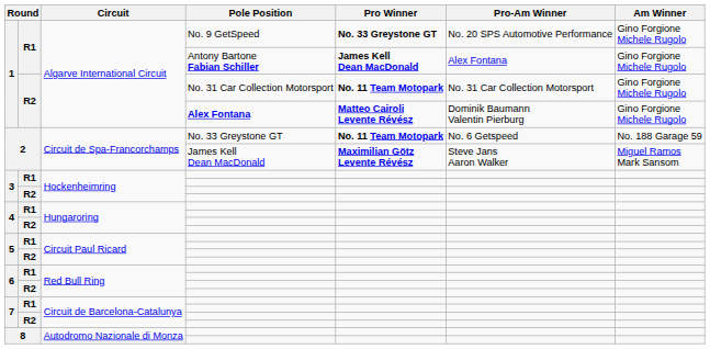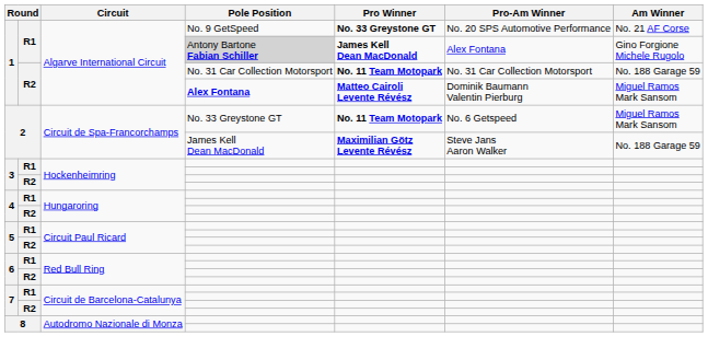 <table class="wikitable" style="font-size: 85%;">
 <tr>
 <th colspan="2">Round</th>
 <th>Circuit</th>
 <th>Pole Position</th>
 <th>Pro Winner</th>
 <th>Pro-Am Winner</th>
 <th>Am Winner</th>
 </tr>
 <tr>
 <th rowspan="4">1</th>
 <th rowspan="2">R1</th>
 <td rowspan="4"> <a href='#'>Algarve International Circuit</a></td>
 <td> No. 9 GetSpeed</td>
 <td><strong> No. 33 Greystone GT</strong></td>
 <td> No. 20 SPS Automotive Performance</td>
-<td> Gino Forgione<br> <a href='#'>Michele Rugolo</a></td>
+<td> No. 21 <a href='#'>AF Corse</a></td>
 </tr>
 <tr>
-<td> Antony Bartone<br><strong> <a href='#'>Fabian Schiller</a></strong></td>
+<td style="background: lightgrey;"> Antony Bartone<br><strong> <a href='#'>Fabian Schiller</a></strong></td>
 <td><strong> James Kell<br> <a href='#'>Dean MacDonald</a></strong></td>
 <td> <a href='#'>Alex Fontana</a><br> </td>
 <td> Gino Forgione<br> <a href='#'>Michele Rugolo</a></td>
 </tr>
 <tr>
 <th rowspan="2">R2</th>
 <td> No. 31 Car Collection Motorsport</td>
 <td><strong> No. 11 <a href='#'>Team Motopark</a></strong></td>
 <td> No. 31 Car Collection Motorsport</td>
-<td> Gino Forgione<br> <a href='#'>Michele Rugolo</a></td>
+<td> No. 188 Garage 59</td>
 </tr>
 <tr>
 <td> <strong><a href='#'>Alex Fontana</a></strong><br> </td>
 <td><strong> <a href='#'>Matteo Cairoli</a><br> <a href='#'>Levente Révész</a></strong></td>
 <td> Dominik Baumann<br> Valentin Pierburg</td>
-<td> Gino Forgione<br> <a href='#'>Michele Rugolo</a></td>
+<td> <a href='#'>Miguel Ramos</a><br> Mark Sansom</td>
 </tr>
 <tr>
 <th colspan="2" rowspan="2">2</th>
 <td rowspan="2"> <a href='#'>Circuit de Spa-Francorchamps</a></td>
 <td> No. 33 Greystone GT</td>
 <td><strong> No. 11 <a href='#'>Team Motopark</a></strong></td>
 <td> No. 6 Getspeed</td>
-<td> No. 188 Garage 59</td>
+<td> <a href='#'>Miguel Ramos</a><br> Mark Sansom</td>
 </tr>
 <tr>
 <td> James Kell<br> <a href='#'>Dean MacDonald</a></td>
 <td><strong> <a href='#'>Maximilian Götz</a><br> <a href='#'>Levente Révész</a></strong></td>
 <td> Steve Jans<br> Aaron Walker</td>
-<td> <a href='#'>Miguel Ramos</a><br> Mark Sansom</td>
+<td> No. 188 Garage 59</td>
 </tr>
 <tr>
 <th rowspan="4">3</th>
 <th rowspan="2">R1</th>
 <td rowspan="4"> <a href='#'>Hockenheimring</a></td>
 <td></td>
 <td nowrap=""></td>
 <td></td>
 <td></td>
 </tr>
 <tr>
 <td></td>
 <td></td>
 <td></td>
 <td></td>
 </tr>
 <tr>
 <th rowspan="2">R2</th>
 <td></td>
 <td></td>
 <td></td>
 <td></td>
 </tr>
 <tr>
 <td></td>
 <td></td>
 <td></td>
 <td></td>
 </tr>
 <tr>
 <th rowspan="4">4</th>
 <th rowspan="2">R1</th>
 <td rowspan="4"> <a href='#'>Hungaroring</a></td>
 <td nowrap=""></td>
 <td></td>
 <td></td>
 <td></td>
 </tr>
 <tr>
 <td></td>
 <td></td>
 <td></td>
 <td></td>
 </tr>
 <tr>
 <th rowspan="2">R2</th>
 <td></td>
 <td></td>
 <td></td>
 <td></td>
 </tr>
 <tr>
 <td></td>
 <td></td>
 <td></td>
 <td></td>
 </tr>
 <tr>
 <th rowspan="4">5</th>
 <th rowspan="2">R1</th>
 <td rowspan="4"> <a href='#'>Circuit Paul Ricard</a></td>
 <td></td>
 <td></td>
 <td></td>
 <td></td>
 </tr>
 <tr>
 <td></td>
 <td></td>
 <td></td>
 <td></td>
 </tr>
 <tr>
 <th rowspan="2">R2</th>
 <td></td>
 <td></td>
 <td></td>
 <td></td>
 </tr>
 <tr>
 <td></td>
 <td></td>
 <td></td>
 <td></td>
 </tr>
 <tr>
 <th rowspan="4">6</th>
 <th rowspan="2">R1</th>
 <td rowspan="4"> <a href='#'>Red Bull Ring</a></td>
 <td></td>
 <td></td>
 <td></td>
 <td></td>
 </tr>
 <tr>
 <td></td>
 <td></td>
 <td></td>
 <td></td>
 </tr>
 <tr>
 <th rowspan="2">R2</th>
 <td></td>
 <td></td>
 <td></td>
 <td nowrap=""></td>
 </tr>
 <tr>
 <td></td>
 <td></td>
 <td></td>
 <td></td>
 </tr>
 <tr>
 <th rowspan="4">7</th>
 <th rowspan="2">R1</th>
 <td rowspan="4" nowrap=""> <a href='#'>Circuit de Barcelona-Catalunya</a></td>
 <td nowrap=""></td>
 <td nowrap=""></td>
 <td></td>
 <td></td>
 </tr>
 <tr>
 <td></td>
 <td></td>
 <td></td>
 <td></td>
 </tr>
 <tr>
 <th rowspan="2">R2</th>
 <td></td>
 <td></td>
 <td nowrap=""></td>
 <td></td>
 </tr>
 <tr>
 <td></td>
 <td></td>
 <td></td>
 <td></td>
 </tr>
 <tr>
 <th colspan="2" rowspan="2">8</th>
 <td rowspan="2" nowrap=""> <a href='#'>Autodromo Nazionale di Monza</a></td>
 <td></td>
 <td></td>
 <td></td>
 <td></td>
 </tr>
 <tr>
 <td></td>
 <td></td>
 <td></td>
 <td></td>
 </tr>
 </table>
